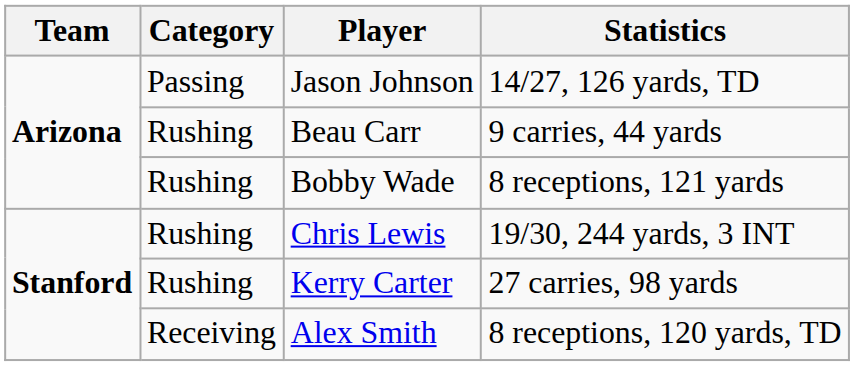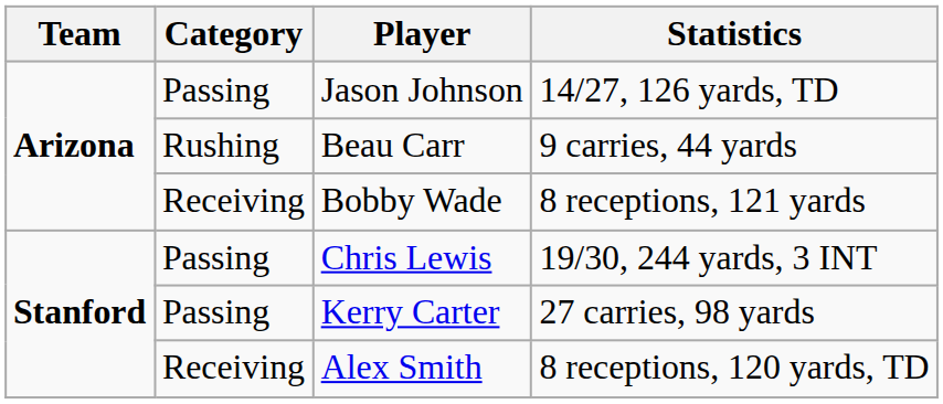 <table class="wikitable" style="float: right;">
 <tr>
 <th>Team</th>
 <th>Category</th>
 <th>Player</th>
 <th>Statistics</th>
 </tr>
 <tr>
 <td rowspan=3><strong>Arizona</strong></td>
 <td>Passing</td>
 <td>Jason Johnson</td>
 <td>14/27, 126 yards, TD</td>
 </tr>
 <tr>
 <td>Rushing</td>
 <td>Beau Carr</td>
 <td>9 carries, 44 yards</td>
 </tr>
 <tr>
-<td>Rushing</td>
+<td>Receiving</td>
 <td>Bobby Wade</td>
 <td>8 receptions, 121 yards</td>
 </tr>
 <tr>
 <td rowspan=3><strong>Stanford</strong></td>
-<td>Rushing</td>
+<td>Passing</td>
 <td><a href='#'>Chris Lewis</a></td>
 <td>19/30, 244 yards, 3 INT</td>
 </tr>
 <tr>
-<td>Rushing</td>
+<td>Passing</td>
 <td><a href='#'>Kerry Carter</a></td>
 <td>27 carries, 98 yards</td>
 </tr>
 <tr>
 <td>Receiving</td>
 <td><a href='#'>Alex Smith</a></td>
 <td>8 receptions, 120 yards, TD</td>
 </tr>
 </table>
